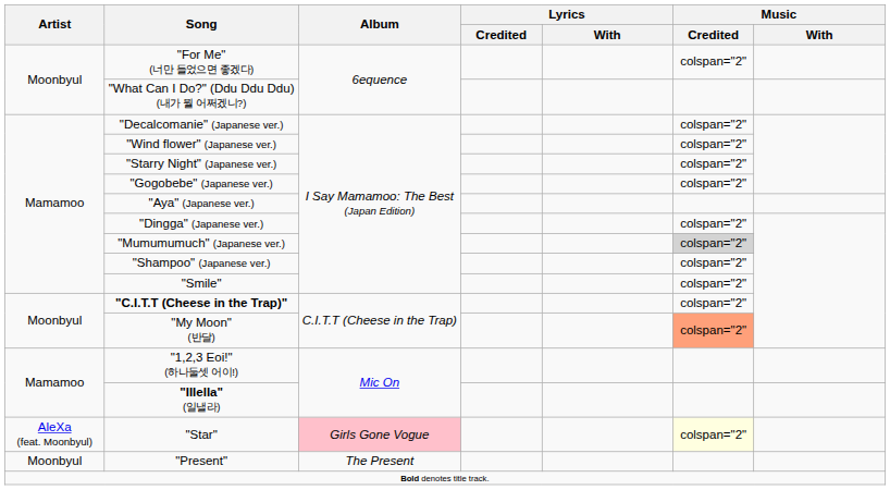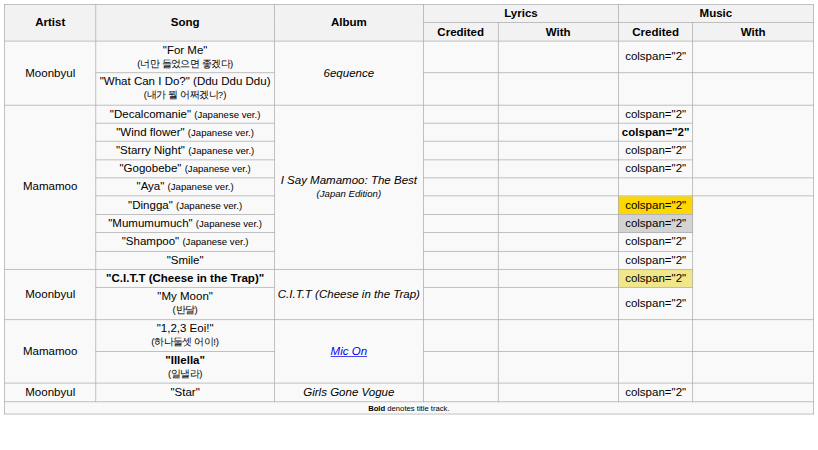 <table class="wikitable" style="text-align:center;">
 <tr>
 <th rowspan="2" style="width:7.5em;">Artist</th>
 <th rowspan="2" style="width:15em;">Song</th>
 <th rowspan="2" style="width:12.5em;">Album</th>
 <th colspan="2" style="width:16em;">Lyrics</th>
 <th colspan="2" style="width:16em;">Music</th>
 </tr>
 <tr>
 <th style="width:6em;">Credited</th>
 <th style="width:10em;">With</th>
 <th style="width:6em;">Credited</th>
 <th style="width:10em;">With</th>
 </tr>
 <tr>
 <td rowspan="2">Moonbyul</td>
 <td>"For Me" <br><small>(너만 들었으면 좋겠다)</small></td>
 <td rowspan="2"><em>6equence</em></td>
 <td></td>
 <td></td>
 <td>colspan="2" </td>
 </tr>
 <tr>
 <td>"What Can I Do?" (Ddu Ddu Ddu) <br><small>(내가 뭘 어쩌겠니?)</small></td>
 <td></td>
 <td></td>
 <td></td>
 <td></td>
 </tr>
 <tr>
 <td rowspan="9">Mamamoo</td>
 <td>"Decalcomanie" <small>(Japanese ver.)</small></td>
 <td rowspan="9"><em>I Say Mamamoo: The Best <small>(Japan Edition)</small></em></td>
 <td></td>
 <td></td>
 <td>colspan="2" </td>
 </tr>
 <tr>
 <td>"Wind flower" <small>(Japanese ver.)</small></td>
 <td></td>
 <td></td>
-<td>colspan="2" </td>
+<td><strong>colspan="2" </strong></td>
 </tr>
 <tr>
 <td>"Starry Night" <small>(Japanese ver.)</small></td>
 <td></td>
 <td></td>
 <td>colspan="2" </td>
 </tr>
 <tr>
 <td>"Gogobebe" <small>(Japanese ver.)</small></td>
 <td></td>
 <td></td>
 <td>colspan="2" </td>
 </tr>
 <tr>
 <td>"Aya" <small>(Japanese ver.)</small></td>
 <td></td>
 <td></td>
 <td></td>
 <td></td>
 </tr>
 <tr>
 <td>"Dingga" <small>(Japanese ver.)</small></td>
 <td></td>
 <td></td>
-<td>colspan="2" </td>
+<td style="background: gold;">colspan="2" </td>
 </tr>
 <tr>
 <td>"Mumumumuch" <small>(Japanese ver.)</small></td>
 <td></td>
 <td></td>
 <td style="background: lightgrey;">colspan="2" </td>
 </tr>
 <tr>
 <td>"Shampoo" <small>(Japanese ver.)</small></td>
 <td></td>
 <td></td>
 <td>colspan="2" </td>
 </tr>
 <tr>
 <td>"Smile"</td>
 <td></td>
 <td></td>
 <td>colspan="2" </td>
 </tr>
 <tr>
 <td rowspan="2">Moonbyul</td>
 <td><strong>"C.I.T.T (Cheese in the Trap)"</strong></td>
 <td rowspan="2"><em>C.I.T.T (Cheese in the Trap)</em></td>
 <td></td>
 <td></td>
-<td>colspan="2" </td>
+<td style="background: khaki;">colspan="2" </td>
 </tr>
 <tr>
 <td>"My Moon" <br><small>(반달)</small></td>
 <td></td>
 <td></td>
-<td style="background: lightsalmon;">colspan="2" </td>
+<td>colspan="2" </td>
 </tr>
 <tr>
 <td rowspan="2">Mamamoo</td>
 <td>"1,2,3 Eoi!" <br><small>(하나둘셋 어이!)</small></td>
 <td rowspan="2"><em><a href='#'>Mic On</a></em></td>
 <td></td>
 <td></td>
 <td></td>
 <td></td>
 </tr>
 <tr>
 <td><strong>"Illella"</strong> <br><small>(일낼라)</small></td>
 <td></td>
 <td></td>
 <td></td>
 <td></td>
 </tr>
 <tr>
-<td><a href='#'>AleXa</a> <br><small>(feat. Moonbyul)</small></td>
+<td>Moonbyul</td>
 <td>"Star"</td>
-<td style="background: pink;"><em>Girls Gone Vogue</em></td>
+<td><em>Girls Gone Vogue</em></td>
 <td></td>
 <td></td>
-<td style="background: lightyellow;">colspan="2" </td>
-</tr>
-<tr>
-<td>Moonbyul</td>
-<td>"Present"</td>
-<td><em>The Present</em></td>
-<td></td>
-<td></td>
-<td></td>
-<td></td>
+<td>colspan="2" </td>
 </tr>
 <tr>
 <td colspan="7" style="text-align:center; font-size:8pt;"><strong>Bold</strong> denotes title track.</td>
 </tr>
 </table>
